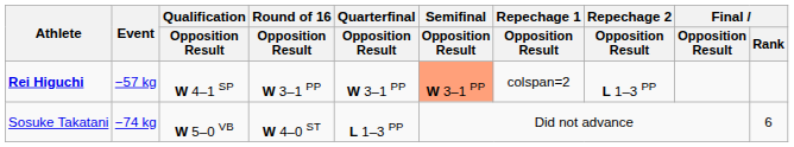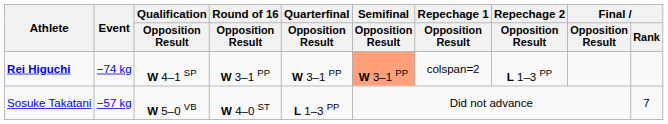 <table class="wikitable" style="font-size:90%">
 <tr>
 <th rowspan=2>Athlete</th>
 <th rowspan=2>Event</th>
 <th>Qualification</th>
 <th>Round of 16</th>
 <th>Quarterfinal</th>
 <th>Semifinal</th>
 <th>Repechage 1</th>
 <th>Repechage 2</th>
 <th colspan=2>Final / </th>
 </tr>
 <tr style="font-size: 95%">
 <th>Opposition<br>Result</th>
 <th>Opposition<br>Result</th>
 <th>Opposition<br>Result</th>
 <th>Opposition<br>Result</th>
 <th>Opposition<br>Result</th>
 <th>Opposition<br>Result</th>
 <th>Opposition<br>Result</th>
 <th>Rank</th>
 </tr>
 <tr align=center>
 <td align=left><strong><a href='#'>Rei Higuchi</a></strong></td>
-<td align=left><a href='#'>−57 kg</a></td>
+<td align=left><a href='#'>−74 kg</a></td>
 <td><br><strong>W</strong> 4–1 <sup>SP</sup></td>
 <td><br><strong>W</strong> 3–1 <sup>PP</sup></td>
 <td><br><strong>W</strong> 3–1 <sup>PP</sup></td>
 <td style="background: lightsalmon;"><br><strong>W</strong> 3–1 <sup>PP</sup></td>
 <td>colspan=2 </td>
 <td><br><strong>L</strong> 1–3 <sup>PP</sup></td>
 <td></td>
 </tr>
 <tr align=center>
 <td align=left><a href='#'>Sosuke Takatani</a></td>
-<td align=left><a href='#'>−74 kg</a></td>
+<td align=left><a href='#'>−57 kg</a></td>
 <td><br><strong>W</strong> 5–0 <sup>VB</sup></td>
 <td><br><strong>W</strong> 4–0 <sup>ST</sup></td>
 <td><br><strong>L</strong> 1–3 <sup>PP</sup></td>
 <td colspan=4>Did not advance</td>
-<td>6</td>
+<td>7</td>
 </tr>
 </table>
